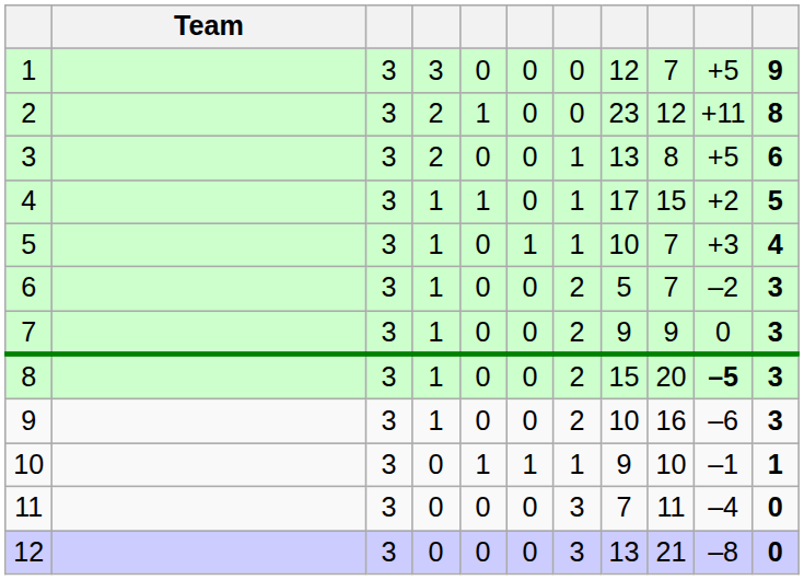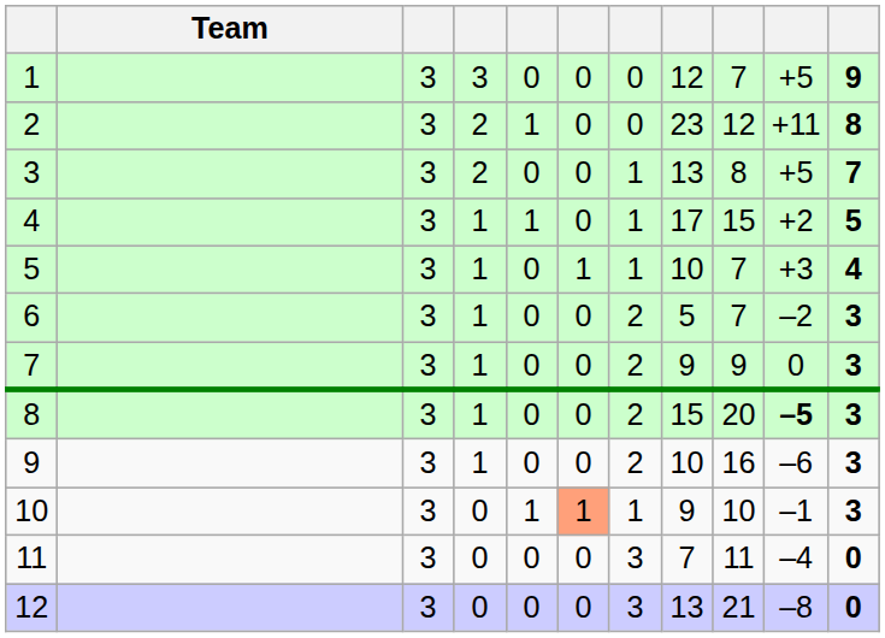 <table class="wikitable" style="text-align:center;">
 <tr>
 <th width="20"></th>
 <th style="width:175px;">Team</th>
 <th width="20"></th>
 <th width="20"></th>
 <th width="20"></th>
 <th width="20"></th>
 <th width="20"></th>
 <th width="20"></th>
 <th width="20"></th>
 <th width="25"></th>
 <th width="20"></th>
 </tr>
 <tr bgcolor=#ccffcc>
 <td>1</td>
 <td align=left></td>
 <td>3</td>
 <td>3</td>
 <td>0</td>
 <td>0</td>
 <td>0</td>
 <td>12</td>
 <td>7</td>
 <td>+5</td>
 <td><strong>9</strong></td>
 </tr>
 <tr bgcolor=#ccffcc>
 <td>2</td>
 <td align=left></td>
 <td>3</td>
 <td>2</td>
 <td>1</td>
 <td>0</td>
 <td>0</td>
 <td>23</td>
 <td>12</td>
 <td>+11</td>
 <td><strong>8</strong></td>
 </tr>
 <tr bgcolor=#ccffcc>
 <td>3</td>
 <td align=left></td>
 <td>3</td>
 <td>2</td>
 <td>0</td>
 <td>0</td>
 <td>1</td>
 <td>13</td>
 <td>8</td>
 <td>+5</td>
-<td><strong>6</strong></td>
+<td><strong>7</strong></td>
 </tr>
 <tr bgcolor=#ccffcc>
 <td>4</td>
 <td align=left></td>
 <td>3</td>
 <td>1</td>
 <td>1</td>
 <td>0</td>
 <td>1</td>
 <td>17</td>
 <td>15</td>
 <td>+2</td>
 <td><strong>5</strong></td>
 </tr>
 <tr bgcolor=#ccffcc>
 <td>5</td>
 <td align=left></td>
 <td>3</td>
 <td>1</td>
 <td>0</td>
 <td>1</td>
 <td>1</td>
 <td>10</td>
 <td>7</td>
 <td>+3</td>
 <td><strong>4</strong></td>
 </tr>
 <tr bgcolor=#ccffcc>
 <td>6</td>
 <td align=left></td>
 <td>3</td>
 <td>1</td>
 <td>0</td>
 <td>0</td>
 <td>2</td>
 <td>5</td>
 <td>7</td>
 <td>–2</td>
 <td><strong>3</strong></td>
 </tr>
 <tr bgcolor=#ccffcc>
 <td>7</td>
 <td align=left></td>
 <td>3</td>
 <td>1</td>
 <td>0</td>
 <td>0</td>
 <td>2</td>
 <td>9</td>
 <td>9</td>
 <td>0</td>
 <td><strong>3</strong></td>
 </tr>
 <tr style="border-bottom:3px solid green;">
 </tr>
 <tr bgcolor=#ccffcc>
 <td>8</td>
 <td align=left></td>
 <td>3</td>
 <td>1</td>
 <td>0</td>
 <td>0</td>
 <td>2</td>
 <td>15</td>
 <td>20</td>
 <td><strong>–5</strong></td>
 <td><strong>3</strong></td>
 </tr>
 <tr>
 <td>9</td>
 <td align=left></td>
 <td>3</td>
 <td>1</td>
 <td>0</td>
 <td>0</td>
 <td>2</td>
 <td>10</td>
 <td>16</td>
 <td>–6</td>
 <td><strong>3</strong></td>
 </tr>
 <tr>
 <td>10</td>
 <td align=left></td>
 <td>3</td>
 <td>0</td>
 <td>1</td>
-<td>1</td>
+<td style="background: lightsalmon;">1</td>
 <td>1</td>
 <td>9</td>
 <td>10</td>
 <td>–1</td>
-<td><strong>1</strong></td>
+<td><strong>3</strong></td>
 </tr>
 <tr>
 <td>11</td>
 <td align=left></td>
 <td>3</td>
 <td>0</td>
 <td>0</td>
 <td>0</td>
 <td>3</td>
 <td>7</td>
 <td>11</td>
 <td>–4</td>
 <td><strong>0</strong></td>
 </tr>
 <tr bgcolor=#ccccff>
 <td>12</td>
 <td align=left></td>
 <td>3</td>
 <td>0</td>
 <td>0</td>
 <td>0</td>
 <td>3</td>
 <td>13</td>
 <td>21</td>
 <td>–8</td>
 <td><strong>0</strong></td>
 </tr>
 </table>
